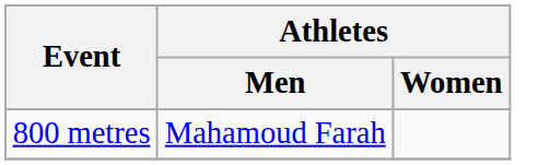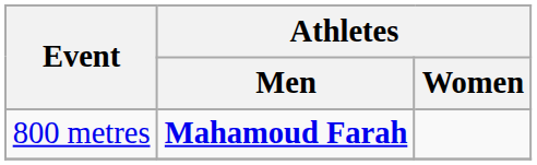 <table class=wikitable style="font-size:90%">
 <tr>
 <th rowspan=2>Event</th>
 <th colspan=2>Athletes</th>
 </tr>
 <tr>
 <th>Men</th>
 <th>Women</th>
 </tr>
 <tr>
 <td><a href='#'>800 metres</a></td>
-<td><a href='#'>Mahamoud Farah</a></td>
+<td><strong><a href='#'>Mahamoud Farah</a></strong></td>
 <td></td>
 </tr>
 <tr>
 </tr>
 </table>
